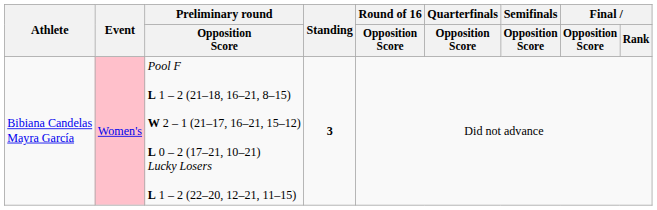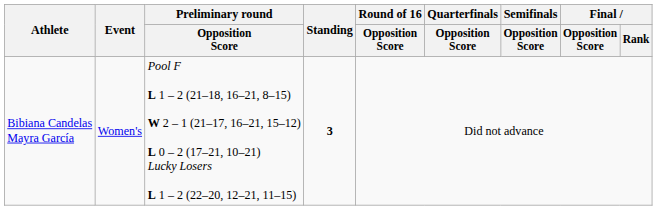 <table class=wikitable style="font-size:90%">
 <tr>
 <th rowspan="2">Athlete</th>
 <th rowspan="2">Event</th>
 <th>Preliminary round</th>
 <th rowspan="2">Standing</th>
 <th>Round of 16</th>
 <th>Quarterfinals</th>
 <th>Semifinals</th>
 <th colspan=2>Final / </th>
 </tr>
 <tr style="font-size:95%">
 <th>Opposition<br>Score</th>
 <th>Opposition<br>Score</th>
 <th>Opposition<br>Score</th>
 <th>Opposition<br>Score</th>
 <th>Opposition<br>Score</th>
 <th>Rank</th>
 </tr>
 <tr align=center>
 <td align=left><a href='#'>Bibiana Candelas</a><br><a href='#'>Mayra García</a></td>
-<td align=left style="background: pink;"><a href='#'>Women's</a></td>
+<td align=left><a href='#'>Women's</a></td>
 <td align=left><em>Pool F</em><br><br><strong>L</strong> 1 – 2 (21–18, 16–21, 8–15)<br><br><strong>W</strong> 2 – 1 (21–17, 16–21, 15–12)<br><br><strong>L</strong> 0 – 2 (17–21, 10–21)<br><em>Lucky Losers</em><br><br><strong>L</strong> 1 – 2 (22–20, 12–21, 11–15)</td>
 <td><strong>3</strong></td>
 <td colspan=5>Did not advance</td>
 </tr>
 </table>
